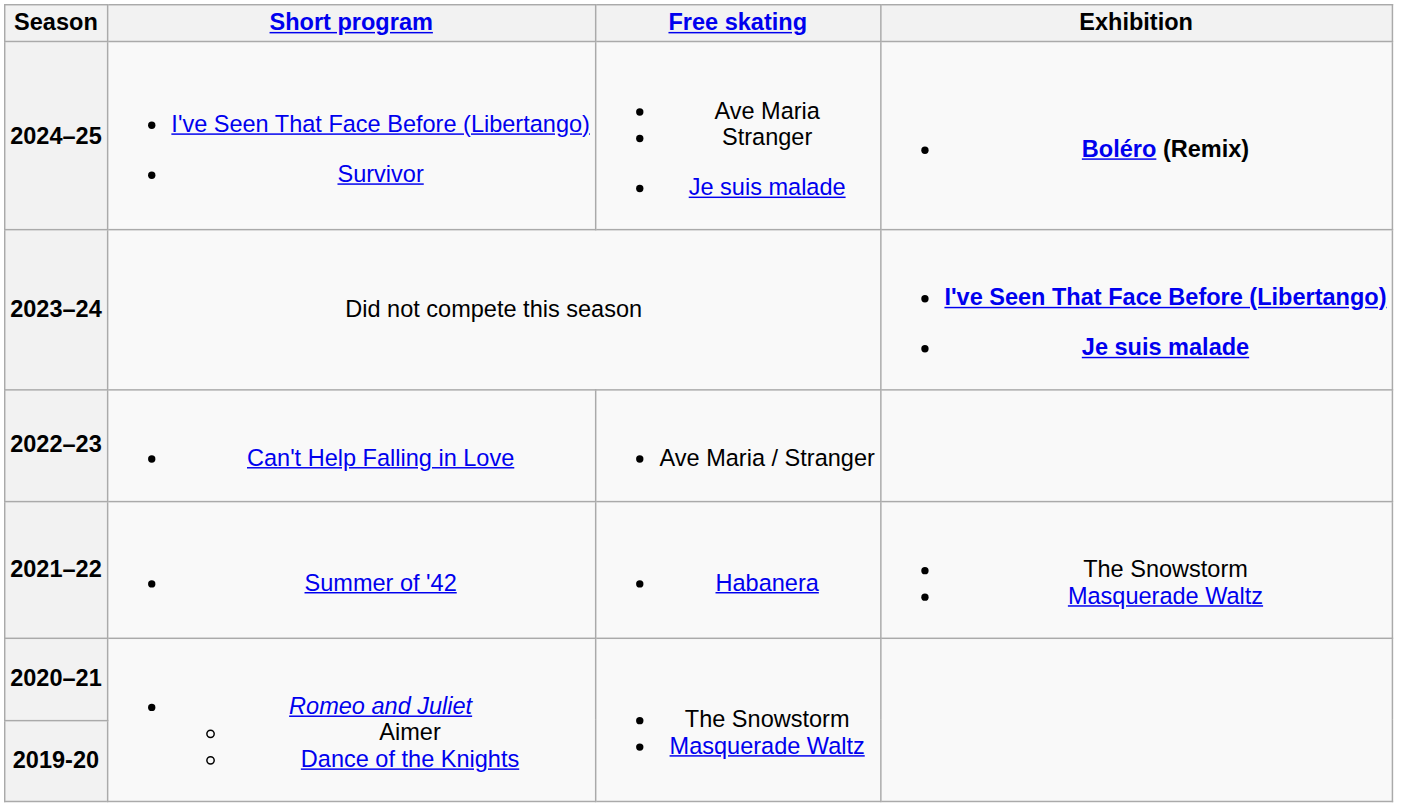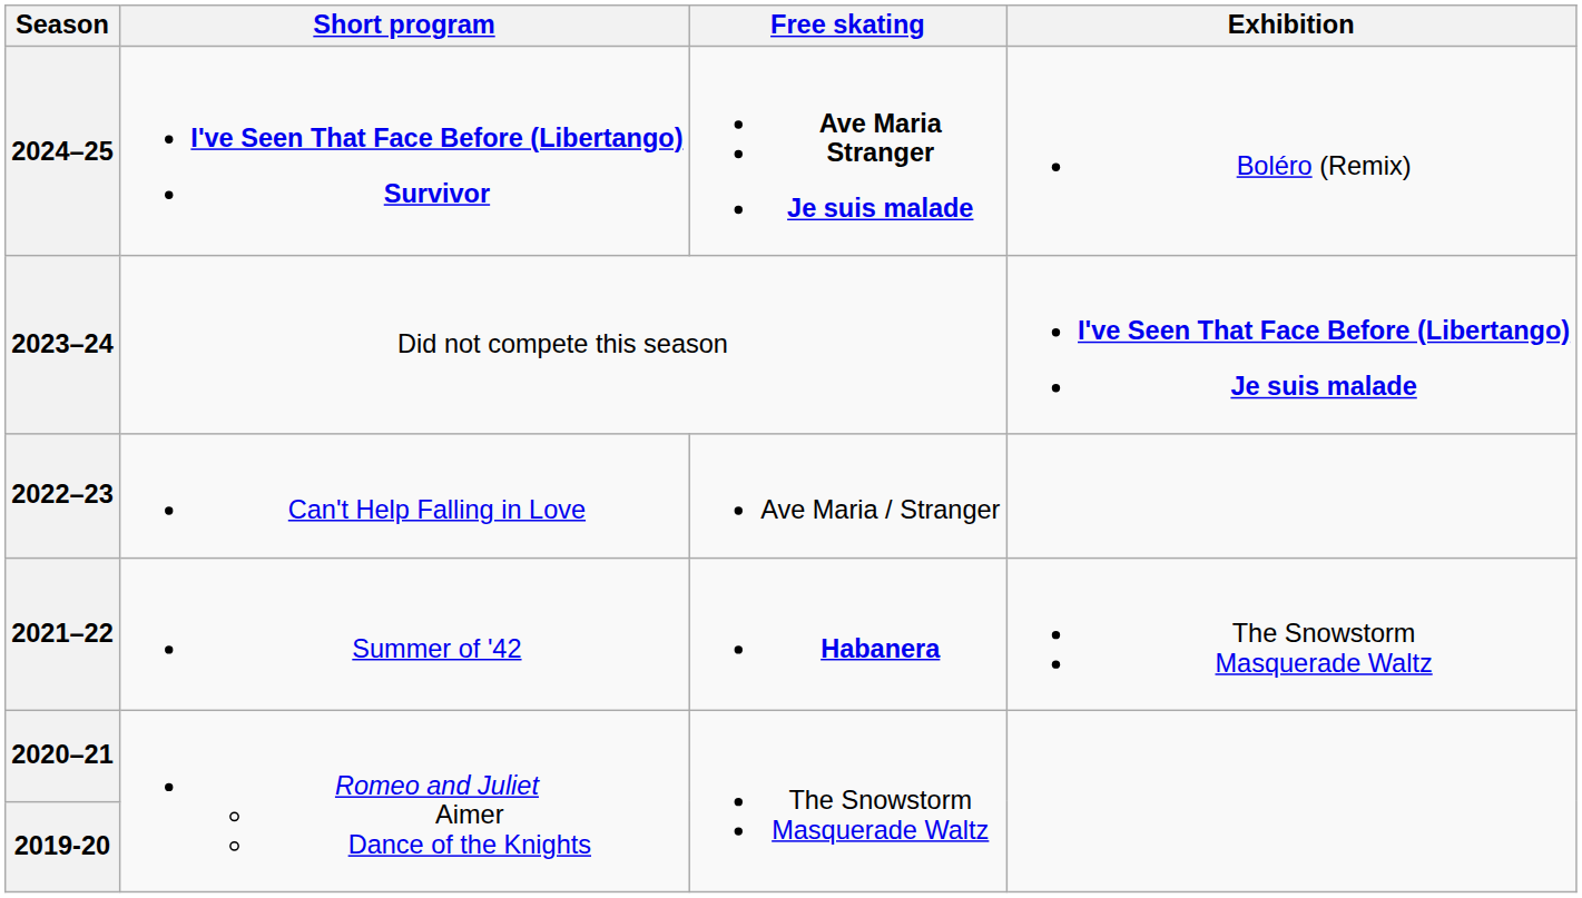 <table class=wikitable style=text-align:center>
 <tr>
 <th>Season</th>
 <th><a href='#'>Short program</a></th>
 <th><a href='#'>Free skating</a></th>
 <th>Exhibition</th>
 </tr>
 <tr>
 <th>2024–25 <br> </th>
-<td><br><ul><li><a href='#'>I've Seen That Face Before (Libertango)</a> <br> </li></ul><ul><li><a href='#'>Survivor</a> <br> </li></ul></td>
-<td><br><ul><li>Ave Maria</li><li>Stranger<br> </li></ul><ul><li><a href='#'>Je suis malade</a> <br> </li></ul></td>
-<td><strong><br><ul><li><a href='#'>Boléro</a> (Remix) <br></li></ul></strong></td>
+<td><strong><br><ul><li><a href='#'>I've Seen That Face Before (Libertango)</a> <br> </li></ul><ul><li><a href='#'>Survivor</a> <br> </li></ul></strong></td>
+<td><strong><br><ul><li>Ave Maria</li><li>Stranger<br> </li></ul><ul><li><a href='#'>Je suis malade</a> <br> </li></ul></strong></td>
+<td><br><ul><li><a href='#'>Boléro</a> (Remix) <br></li></ul></td>
 </tr>
 <tr>
 <th>2023–24</th>
 <td colspan="2">Did not compete this season</td>
 <td><strong><br><ul><li><a href='#'>I've Seen That Face Before (Libertango)</a> <br> </li></ul><ul><li><a href='#'>Je suis malade</a> <br> </li></ul></strong></td>
 </tr>
 <tr>
 <th>2022–23</th>
 <td><br><ul><li><a href='#'>Can't Help Falling in Love</a> <br> </li></ul></td>
 <td><br><ul><li>Ave Maria / Stranger<br> </li></ul></td>
 <td></td>
 </tr>
 <tr>
 <th>2021–22 <br> </th>
 <td><br><ul><li><a href='#'>Summer of '42</a> <br> </li></ul></td>
-<td><br><ul><li><a href='#'>Habanera</a> <br> </li></ul></td>
+<td><strong><br><ul><li><a href='#'>Habanera</a> <br> </li></ul></strong></td>
 <td><br><ul><li>The Snowstorm<br></li><li><a href='#'>Masquerade Waltz</a><br></li></ul></td>
 </tr>
 <tr>
 <th>2020–21</th>
 <td rowspan=2><br><ul><li><em><a href='#'>Romeo and Juliet</a></em><ul><li>Aimer <br> </li><li><a href='#'>Dance of the Knights</a> <br></li></ul></li></ul></td>
 <td rowspan=2><br><ul><li>The Snowstorm<br></li><li><a href='#'>Masquerade Waltz</a><br></li></ul></td>
 <td rowspan="2"></td>
 </tr>
 <tr>
 <th>2019-20</th>
 </tr>
 </table>
